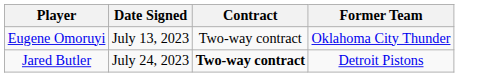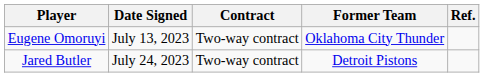 <table class="wikitable sortable sortable" style="text-align: center">
 <tr>
 <th>Player</th>
 <th>Date Signed</th>
 <th>Contract</th>
 <th>Former Team</th>
+<th>Ref.</th>
 </tr>
 <tr>
 <td><a href='#'>Eugene Omoruyi</a></td>
 <td>July 13, 2023</td>
 <td>Two-way contract</td>
 <td><a href='#'>Oklahoma City Thunder</a></td>
+<td></td>
 </tr>
 <tr>
 <td><a href='#'>Jared Butler</a></td>
 <td>July 24, 2023</td>
-<td><strong>Two-way contract</strong></td>
+<td>Two-way contract</td>
 <td><a href='#'>Detroit Pistons</a></td>
+<td></td>
 </tr>
 </table>
